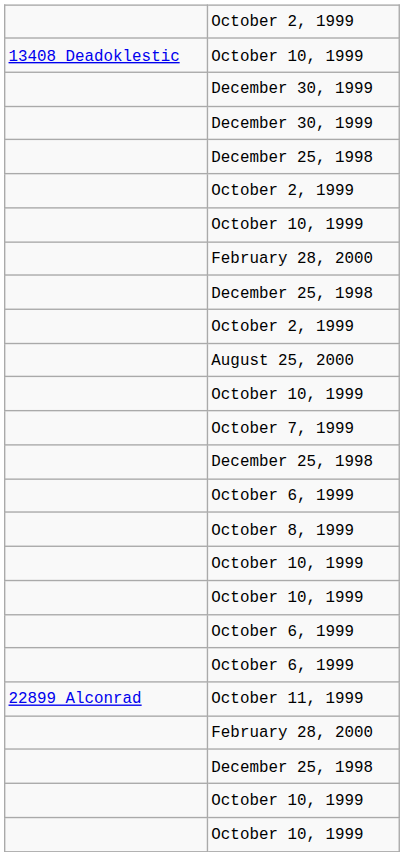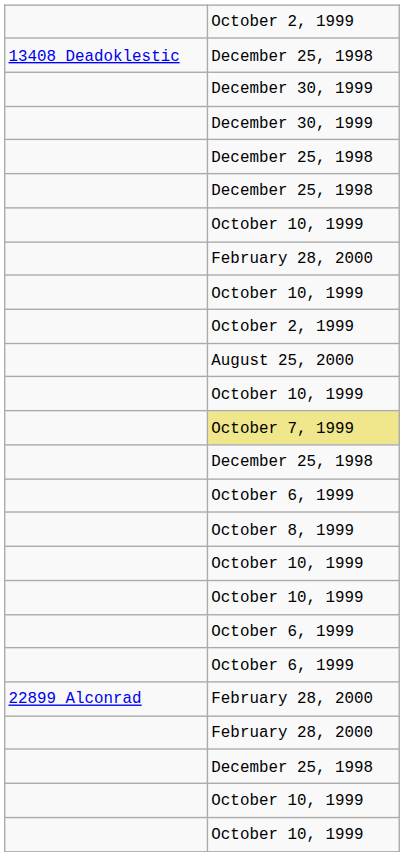 <table class="wikitable" style="font-size: 89%; float: left; width: 25em; margin-right: 1em; line-height: 1.65em !important; height: 540px;">
 <tr>
 <td></td>
 <td>October 2, 1999</td>
 </tr>
 <tr>
 <td><a href='#'>13408 Deadoklestic</a></td>
-<td>October 10, 1999</td>
+<td>December 25, 1998</td>
 </tr>
 <tr>
 <td></td>
 <td>December 30, 1999</td>
 </tr>
 <tr>
 <td></td>
 <td>December 30, 1999</td>
 </tr>
 <tr>
 <td></td>
 <td>December 25, 1998</td>
 </tr>
 <tr>
 <td></td>
-<td>October 2, 1999</td>
+<td>December 25, 1998</td>
 </tr>
 <tr>
 <td></td>
 <td>October 10, 1999</td>
 </tr>
 <tr>
 <td></td>
 <td>February 28, 2000</td>
 </tr>
 <tr>
 <td></td>
-<td>December 25, 1998</td>
+<td>October 10, 1999</td>
 </tr>
 <tr>
 <td></td>
 <td>October 2, 1999</td>
 </tr>
 <tr>
 <td></td>
 <td>August 25, 2000</td>
 </tr>
 <tr>
 <td></td>
 <td>October 10, 1999</td>
 </tr>
 <tr>
 <td></td>
-<td>October 7, 1999</td>
+<td style="background: khaki;">October 7, 1999</td>
 </tr>
 <tr>
 <td></td>
 <td>December 25, 1998</td>
 </tr>
 <tr>
 <td></td>
 <td>October 6, 1999</td>
 </tr>
 <tr>
 <td></td>
 <td>October 8, 1999</td>
 </tr>
 <tr>
 <td></td>
 <td>October 10, 1999</td>
 </tr>
 <tr>
 <td></td>
 <td>October 10, 1999</td>
 </tr>
 <tr>
 <td></td>
 <td>October 6, 1999</td>
 </tr>
 <tr>
 <td></td>
 <td>October 6, 1999</td>
 </tr>
 <tr>
 <td><a href='#'>22899 Alconrad</a> </td>
-<td>October 11, 1999</td>
+<td>February 28, 2000</td>
 </tr>
 <tr>
 <td></td>
 <td>February 28, 2000</td>
 </tr>
 <tr>
 <td></td>
 <td>December 25, 1998</td>
 </tr>
 <tr>
 <td></td>
 <td>October 10, 1999</td>
 </tr>
 <tr>
 <td></td>
 <td>October 10, 1999</td>
 </tr>
 </table>
